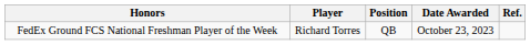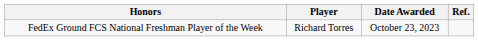 <table class="wikitable" style="width: 60%;text-align: center;">
 <tr>
 <th>Honors</th>
 <th>Player</th>
-<th>Position</th>
 <th>Date Awarded</th>
 <th>Ref.</th>
 </tr>
 <tr align="center">
 <td rowspan="1">FedEx Ground FCS National Freshman Player of the Week</td>
 <td>Richard Torres</td>
-<td>QB</td>
 <td>October 23, 2023</td>
 <td></td>
 </tr>
 </table>
